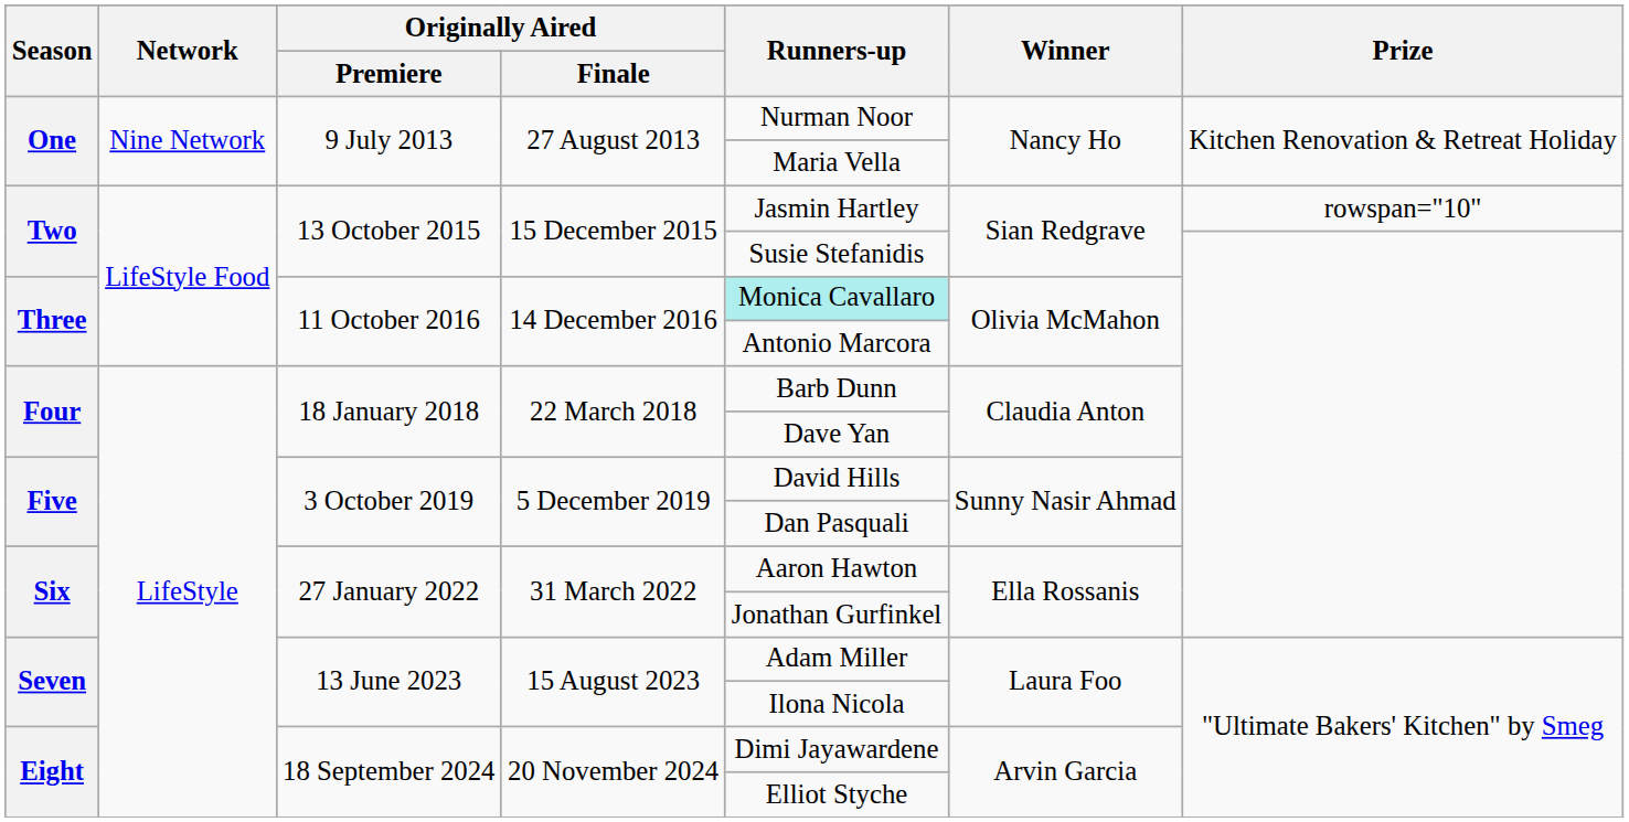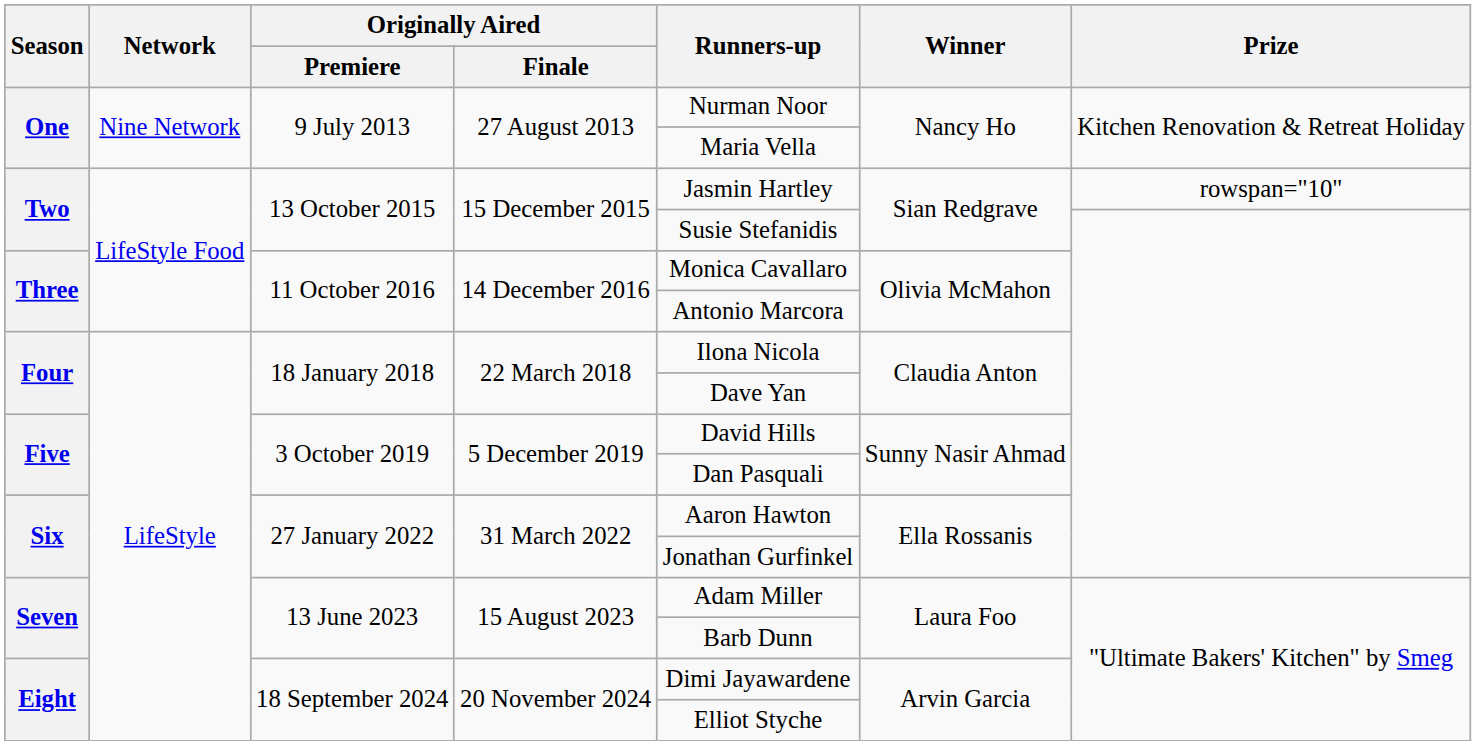 <table class="wikitable plainrowheaders" style="text-align: center; font-size:90%;">
 <tr>
 <th scope="col" rowspan="2">Season</th>
 <th scope="col" rowspan="2">Network</th>
 <th scope="colgroup" colspan="2">Originally Aired</th>
 <th scope="col" rowspan="2">Runners-up</th>
 <th scope="col" rowspan="2">Winner</th>
 <th scope="col" rowspan="2">Prize</th>
 </tr>
 <tr>
 <th scope="col">Premiere</th>
 <th scope="col">Finale</th>
 </tr>
 <tr>
 <th scope="row" rowspan="2"><a href='#'>One</a></th>
 <td rowspan="2"><a href='#'>Nine Network</a></td>
 <td rowspan="2">9 July 2013</td>
 <td rowspan="2">27 August 2013</td>
 <td>Nurman Noor</td>
 <td rowspan="2">Nancy Ho</td>
 <td rowspan=2>Kitchen Renovation & Retreat Holiday</td>
 </tr>
 <tr>
 <td>Maria Vella</td>
 </tr>
 <tr>
 <th scope="row" rowspan="2"><a href='#'>Two</a></th>
 <td rowspan="4"><a href='#'>LifeStyle Food</a></td>
 <td rowspan="2">13 October 2015</td>
 <td rowspan="2">15 December 2015</td>
 <td>Jasmin Hartley</td>
 <td rowspan="2">Sian Redgrave</td>
 <td>rowspan="10" </td>
 </tr>
 <tr>
 <td>Susie Stefanidis</td>
 </tr>
 <tr>
 <th scope="row" rowspan="2"><a href='#'>Three</a></th>
 <td rowspan="2">11 October 2016</td>
 <td rowspan="2">14 December 2016</td>
-<td style="background: paleturquoise;">Monica Cavallaro</td>
+<td>Monica Cavallaro</td>
 <td rowspan="2">Olivia McMahon</td>
 </tr>
 <tr>
 <td>Antonio Marcora</td>
 </tr>
 <tr>
 <th scope="row" rowspan="2"><a href='#'>Four</a></th>
 <td rowspan="10"><a href='#'>LifeStyle</a></td>
 <td rowspan="2">18 January 2018</td>
 <td rowspan="2">22 March 2018</td>
-<td>Barb Dunn</td>
+<td>Ilona Nicola</td>
 <td rowspan="2">Claudia Anton</td>
 </tr>
 <tr>
 <td>Dave Yan</td>
 </tr>
 <tr>
 <th scope="row" rowspan="2"><a href='#'>Five</a></th>
 <td rowspan="2">3 October 2019</td>
 <td rowspan="2">5 December 2019</td>
 <td>David Hills</td>
 <td rowspan="2">Sunny Nasir Ahmad</td>
 </tr>
 <tr>
 <td>Dan Pasquali</td>
 </tr>
 <tr>
 <th scope="row" rowspan="2"><a href='#'>Six</a></th>
 <td rowspan="2">27 January 2022</td>
 <td rowspan="2">31 March 2022</td>
 <td>Aaron Hawton</td>
 <td rowspan="2">Ella Rossanis</td>
 </tr>
 <tr>
 <td>Jonathan Gurfinkel</td>
 </tr>
 <tr>
 <th scope="row" rowspan="2"><a href='#'>Seven</a></th>
 <td rowspan="2">13 June 2023</td>
 <td rowspan="2">15 August 2023</td>
 <td>Adam Miller</td>
 <td rowspan="2">Laura Foo</td>
 <td rowspan="4">"Ultimate Bakers' Kitchen" by <a href='#'>Smeg</a></td>
 </tr>
 <tr>
-<td>Ilona Nicola</td>
+<td>Barb Dunn</td>
 </tr>
 <tr>
 <th scope="row" rowspan="2"><a href='#'>Eight</a></th>
 <td rowspan="2">18 September 2024</td>
 <td rowspan="2">20 November 2024</td>
 <td>Dimi Jayawardene</td>
 <td rowspan="2">Arvin Garcia</td>
 </tr>
 <tr>
 <td>Elliot Styche</td>
 </tr>
 <tr>
 </tr>
 </table>
